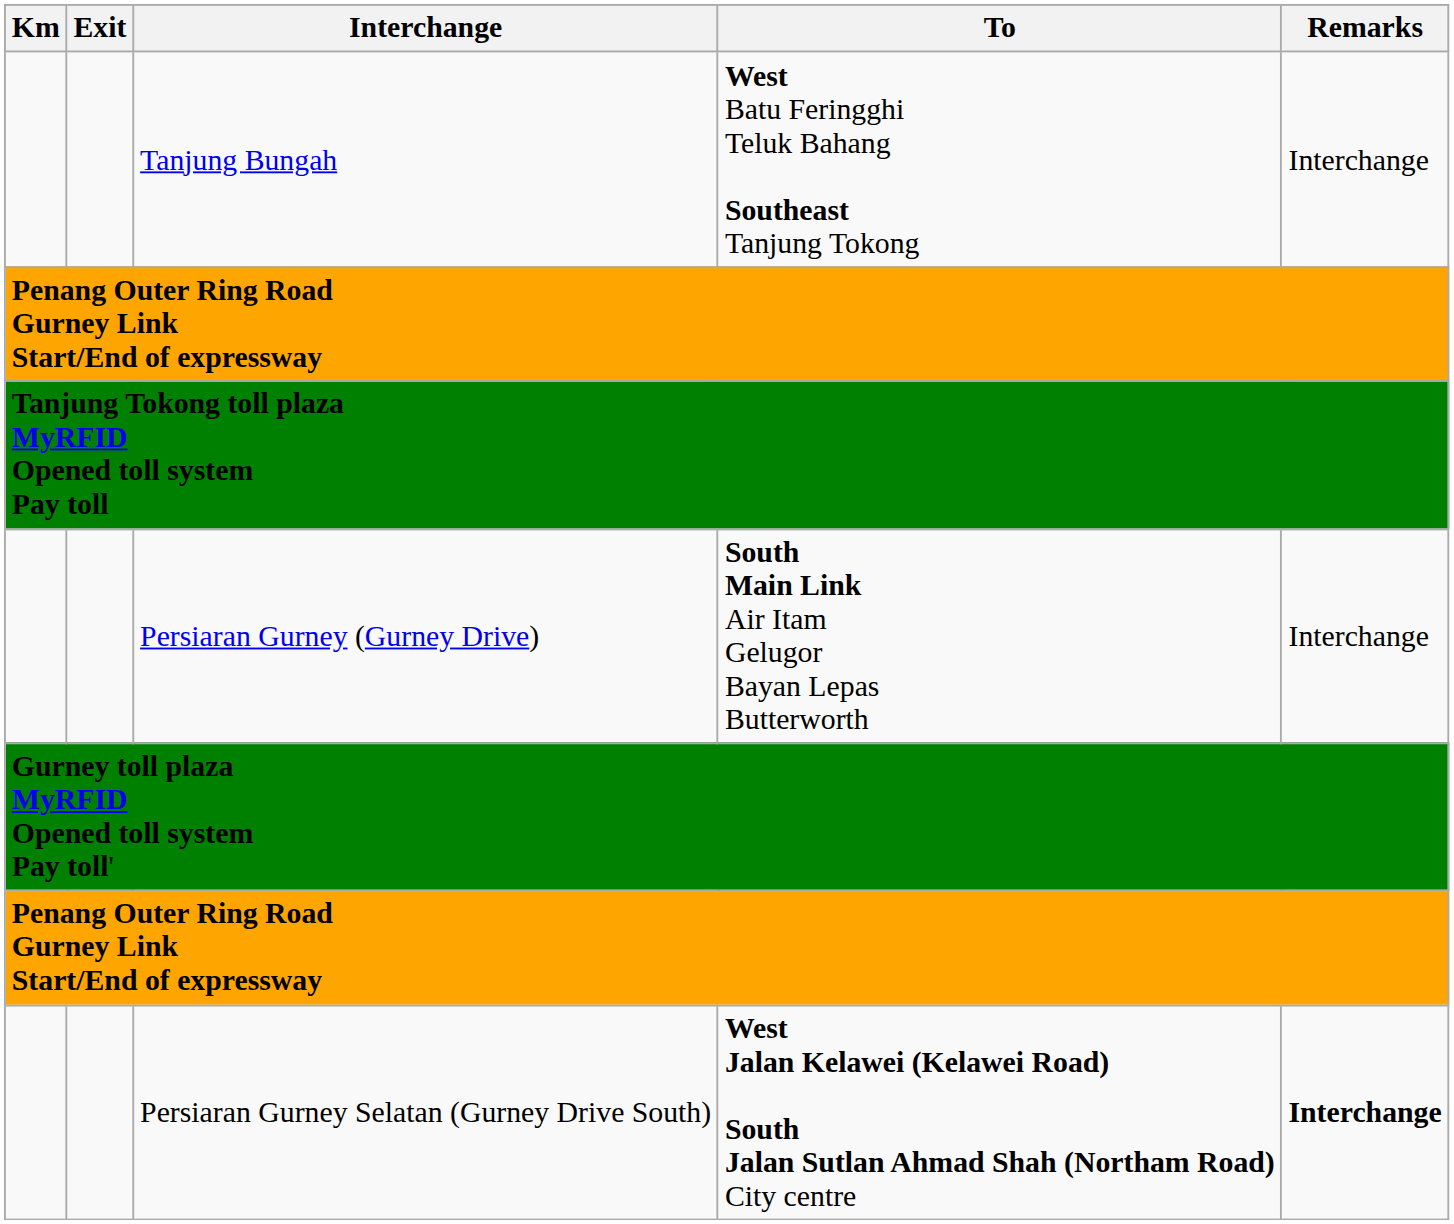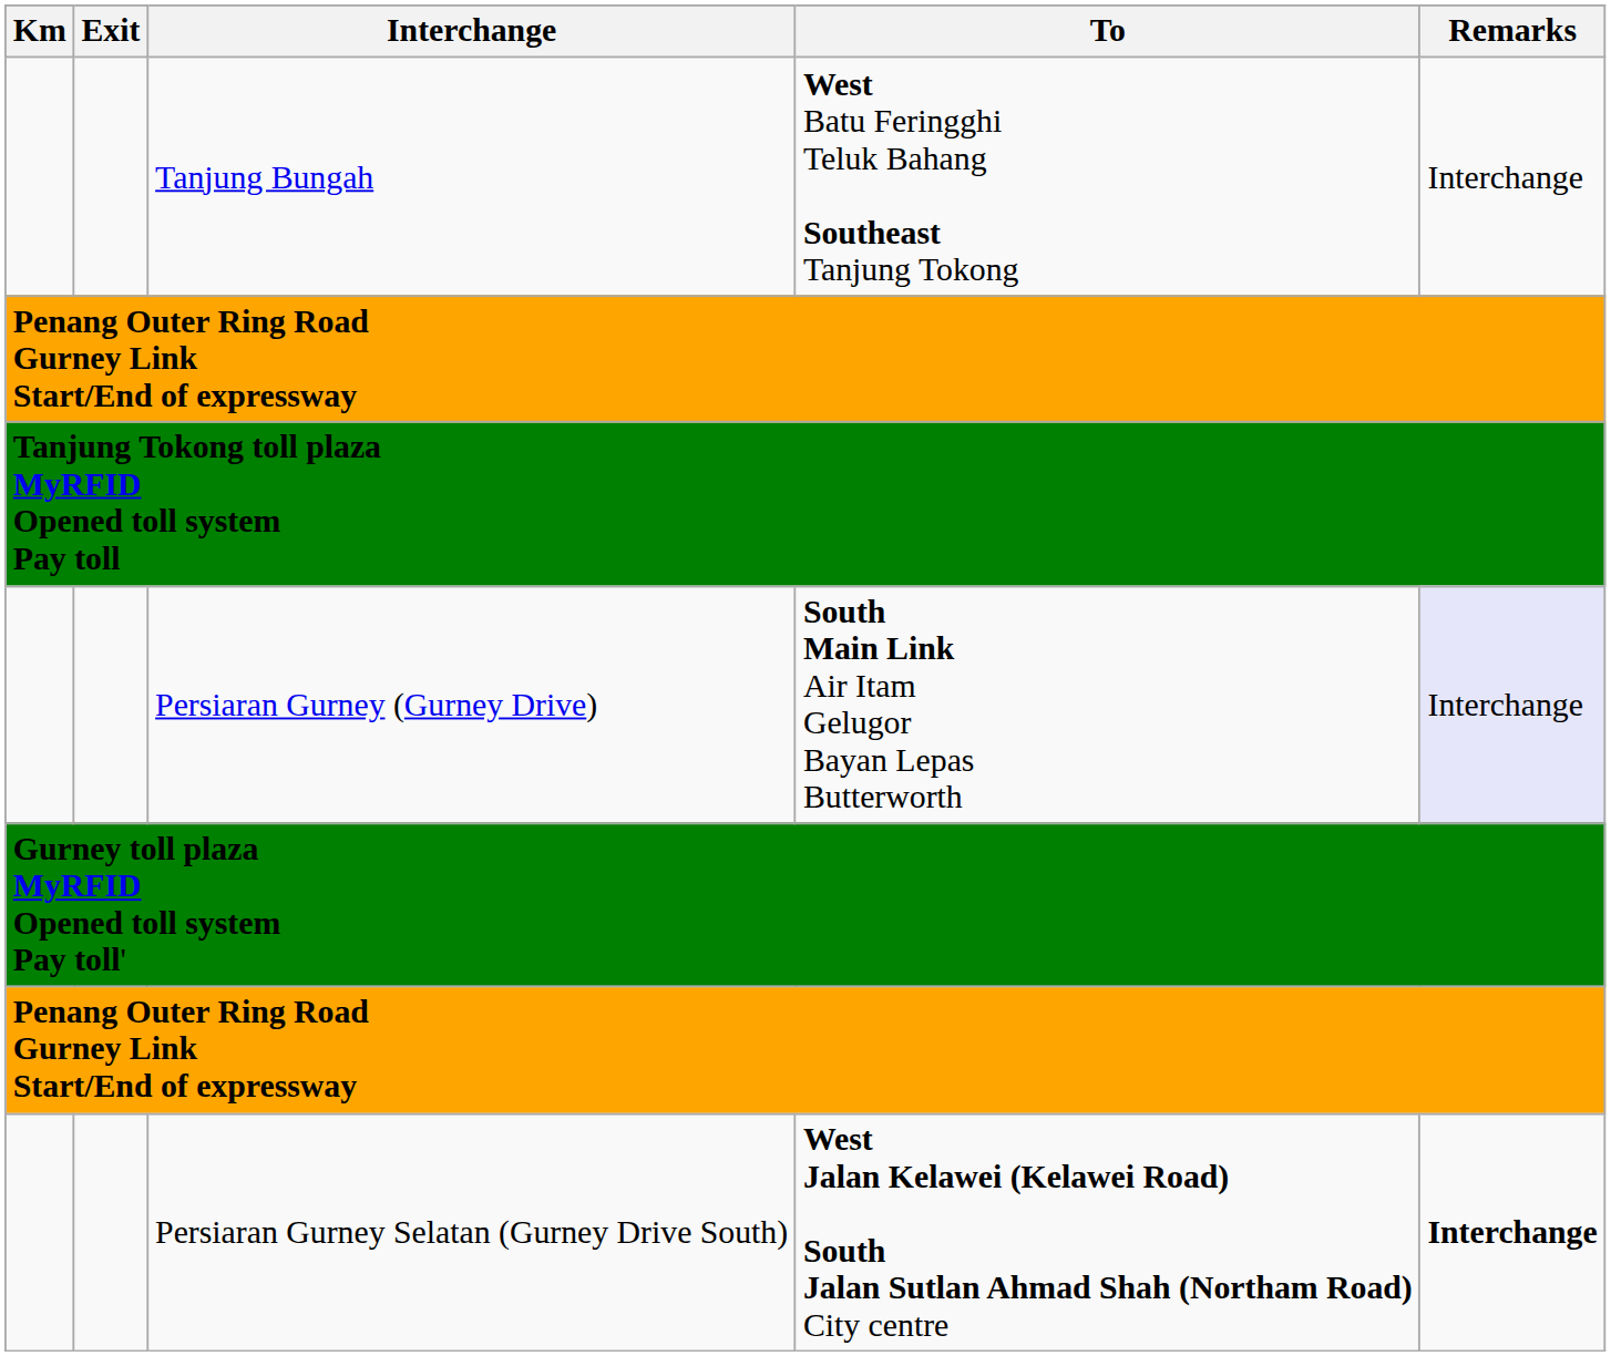 <table class="wikitable">
 <tr>
 <th>Km</th>
 <th>Exit</th>
 <th>Interchange</th>
 <th>To</th>
 <th>Remarks</th>
 </tr>
 <tr>
 <td></td>
 <td></td>
 <td><a href='#'>Tanjung Bungah</a></td>
 <td><strong>West</strong><br> Batu Feringghi<br> Teluk Bahang<br><br><strong>Southeast</strong><br> Tanjung Tokong</td>
 <td>Interchange</td>
 </tr>
 <tr>
 <td style="width:600px" colspan="6" style="text-align:center" bgcolor="orange"><strong><span> Penang Outer Ring Road<br>Gurney Link<br>Start/End of expressway</span></strong></td>
 </tr>
 <tr>
 <td style="width:600px" colspan="6" style="text-align:center" bgcolor="green"><strong><span>Tanjung Tokong toll plaza<br>   <a href='#'><span>My</span><span>RFID</span></a>   <br>Opened toll system<br>Pay toll</span></strong></td>
 </tr>
 <tr>
 <td></td>
 <td></td>
 <td><a href='#'>Persiaran Gurney</a> (<a href='#'>Gurney Drive</a>)</td>
 <td><strong>South</strong><br> <strong>Main Link</strong><br>Air Itam<br>Gelugor<br>Bayan Lepas<br>Butterworth</td>
-<td>Interchange</td>
+<td style="background: lavender;">Interchange</td>
 </tr>
 <tr>
 <td style="width:600px" colspan="6" style="text-align:center" bgcolor="green"><strong><span>Gurney toll plaza<br>   <a href='#'><span>My</span><span>RFID</span></a>   <br>Opened toll system<br>Pay toll</span></strong>'</td>
 </tr>
 <tr>
 <td style="width:600px" colspan="6" style="text-align:center" bgcolor="orange"><strong><span> Penang Outer Ring Road<br>Gurney Link<br>Start/End of expressway</span></strong></td>
 </tr>
 <tr>
 <td></td>
 <td></td>
 <td>Persiaran Gurney Selatan (Gurney Drive South)</td>
 <td><strong>West</strong><br><strong>Jalan Kelawei (Kelawei Road)</strong><br><br><strong>South</strong><br><strong>Jalan Sutlan Ahmad Shah (Northam Road)</strong><br>City centre</td>
 <td><strong>Interchange</strong></td>
 </tr>
 </table>
